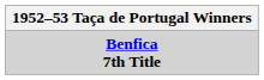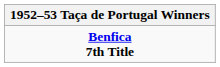 <table class="wikitable" style="text-align: center; margin: 0 auto; width: 20%">
 <tr>
 <th>1952–53 Taça de Portugal Winners</th>
 </tr>
 <tr>
-<td style="background: lightgrey;"><strong><a href='#'>Benfica</a></strong><br><strong>7th Title</strong></td>
+<td><strong><a href='#'>Benfica</a></strong><br><strong>7th Title</strong></td>
 </tr>
 </table>
